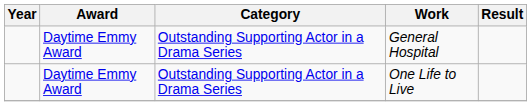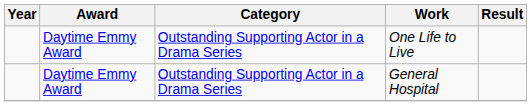 <table class="wikitable sortable plainrowheaders">
 <tr>
 <th scope="col">Year</th>
 <th scope="col">Award</th>
 <th scope="col">Category</th>
 <th scope="col">Work</th>
 <th scope="col">Result</th>
 </tr>
 <tr>
 <td></td>
 <td><a href='#'>Daytime Emmy Award</a></td>
 <td><a href='#'>Outstanding Supporting Actor in a Drama Series</a></td>
-<td><em>General Hospital</em></td>
+<td><em>One Life to Live</em></td>
 <td></td>
 </tr>
 <tr>
 <td></td>
 <td><a href='#'>Daytime Emmy Award</a></td>
 <td><a href='#'>Outstanding Supporting Actor in a Drama Series</a></td>
-<td><em>One Life to Live</em></td>
+<td><em>General Hospital</em></td>
 <td></td>
 </tr>
 <tr>
 </tr>
 </table>
